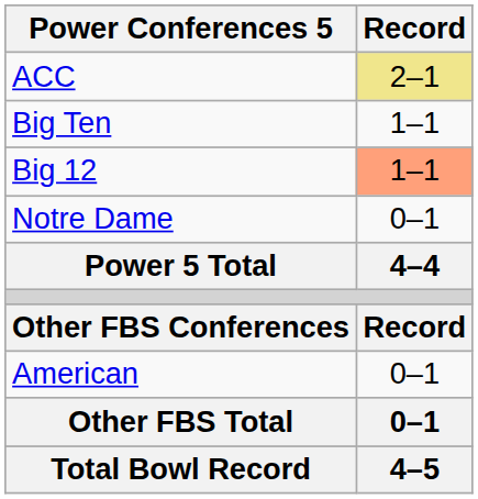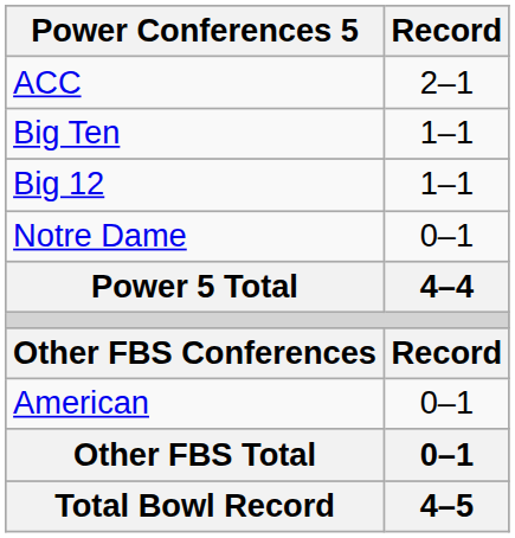 <table class="wikitable">
 <tr>
 <th>Power Conferences 5</th>
 <th>Record</th>
 </tr>
 <tr>
 <td><a href='#'>ACC</a></td>
-<td align=center style="background: khaki;">2–1</td>
+<td align=center>2–1</td>
 </tr>
 <tr>
 <td><a href='#'>Big Ten</a></td>
 <td align=center>1–1</td>
 </tr>
 <tr>
 <td><a href='#'>Big 12</a></td>
-<td align=center style="background: lightsalmon;">1–1</td>
+<td align=center>1–1</td>
 </tr>
 <tr>
 <td><a href='#'>Notre Dame</a></td>
 <td align=center>0–1</td>
 </tr>
 <tr>
 <th>Power 5 Total</th>
 <th>4–4</th>
 </tr>
 <tr>
 <th colspan="2" style="background:lightgrey;"></th>
 </tr>
 <tr>
 <th>Other FBS Conferences</th>
 <th>Record</th>
 </tr>
 <tr>
 <td><a href='#'>American</a></td>
 <td align=center>0–1</td>
 </tr>
 <tr>
 <th>Other FBS Total</th>
 <th>0–1</th>
 </tr>
 <tr>
 <th>Total Bowl Record</th>
 <th>4–5</th>
 </tr>
 </table>
